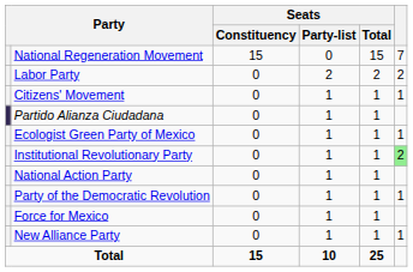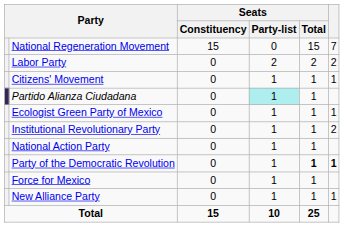 <table class="wikitable" style="text-align:center;">
 <tr>
 <th colspan="2" rowspan="2">Party</th>
 <th colspan="3">Seats</th>
 <th rowspan="2"></th>
 </tr>
 <tr>
 <th style="width:3em"><strong>Constituency</strong></th>
 <th>Party-list</th>
 <th>Total</th>
 </tr>
 <tr>
 <th style="background-color:"></th>
 <td style="text-align:left;"><a href='#'>National Regeneration Movement</a></td>
 <td>15</td>
 <td>0</td>
 <td>15</td>
 <td> 7</td>
 </tr>
 <tr>
 <th style="background-color:"></th>
 <td style="text-align:left;"><a href='#'>Labor Party</a></td>
 <td>0</td>
 <td>2</td>
 <td>2</td>
 <td> 2</td>
 </tr>
 <tr>
 <th style="background-color:"></th>
 <td style="text-align:left;"><a href='#'>Citizens' Movement</a></td>
 <td>0</td>
 <td>1</td>
 <td>1</td>
 <td> 1</td>
 </tr>
 <tr>
 <th style="background-color:#322854;"></th>
 <td style="text-align:left;"><em>Partido Alianza Ciudadana</em></td>
 <td>0</td>
-<td>1</td>
+<td style="background: paleturquoise;">1</td>
 <td>1</td>
 <td></td>
 </tr>
 <tr>
 <th style="background-color:"></th>
 <td style="text-align:left;"><a href='#'>Ecologist Green Party of Mexico</a></td>
 <td>0</td>
 <td>1</td>
 <td>1</td>
 <td> 1</td>
 </tr>
 <tr>
 <th style="background-color:"></th>
 <td style="text-align:left;"><a href='#'>Institutional Revolutionary Party</a></td>
 <td>0</td>
 <td>1</td>
 <td>1</td>
-<td style="background: lightgreen;"> 2</td>
+<td> 2</td>
 </tr>
 <tr>
 <th style="background-color:"></th>
 <td style="text-align:left;"><a href='#'>National Action Party</a></td>
 <td>0</td>
 <td>1</td>
 <td>1</td>
 <td></td>
 </tr>
 <tr>
 <th style="background-color:"></th>
 <td style="text-align:left;"><a href='#'>Party of the Democratic Revolution</a></td>
 <td>0</td>
 <td>1</td>
-<td>1</td>
-<td> 1</td>
+<td><strong>1</strong></td>
+<td><strong> 1</strong></td>
 </tr>
 <tr>
 <th style="background-color:"></th>
 <td style="text-align:left;"><a href='#'>Force for Mexico</a></td>
 <td>0</td>
 <td>1</td>
 <td>1</td>
 <td></td>
 </tr>
 <tr>
 <th style="background-color:"></th>
 <td style="text-align:left;"><a href='#'>New Alliance Party</a></td>
 <td>0</td>
 <td>1</td>
 <td>1</td>
 <td> 1</td>
 </tr>
 <tr>
 <td colspan="2"><strong>Total</strong></td>
 <td><strong>15</strong></td>
 <td><strong>10</strong></td>
 <td><strong>25</strong></td>
 <td></td>
 </tr>
 </table>
